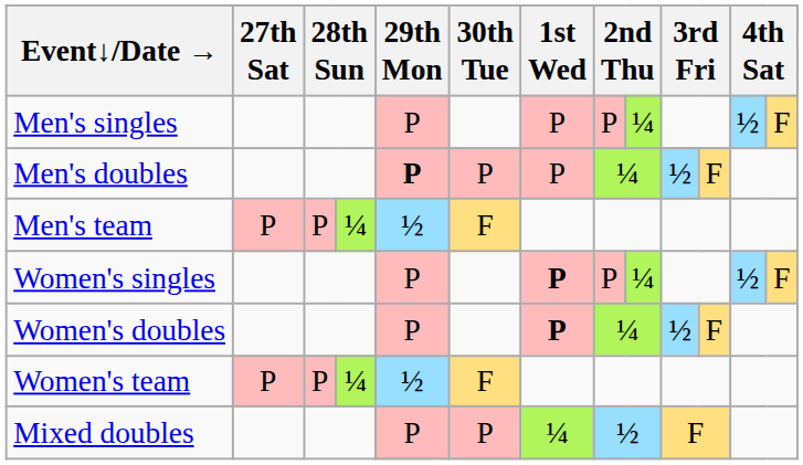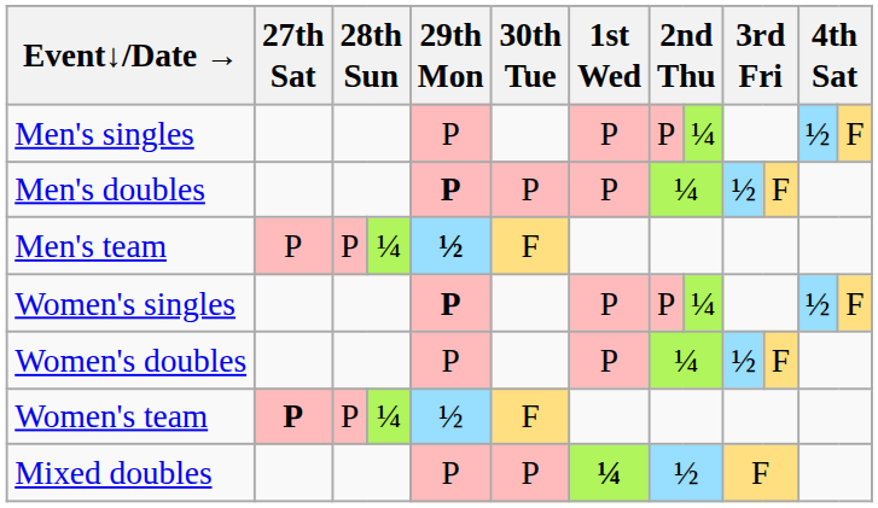 <table class="wikitable" style="margin:0.5em auto; font-size:90%; line-height:1.25em; text-align:center;">
 <tr>
 <th>Event↓/Date →</th>
 <th>27th<br>Sat</th>
 <th colspan=2>28th<br>Sun</th>
 <th>29th<br>Mon</th>
 <th>30th<br>Tue</th>
 <th>1st<br>Wed</th>
 <th colspan=2>2nd<br>Thu</th>
 <th colspan=2>3rd<br>Fri</th>
 <th colspan=2>4th<br>Sat</th>
 </tr>
 <tr>
 <td align="left"><a href='#'>Men's singles</a></td>
 <td></td>
 <td colspan=2></td>
 <td bgcolor="#FFBBBB">P</td>
 <td></td>
 <td bgcolor="#FFBBBB">P</td>
 <td bgcolor="#FFBBBB">P</td>
 <td bgcolor="#AFF55B">¼</td>
 <td colspan=2></td>
 <td bgcolor="#97DEFF">½</td>
 <td bgcolor="#FFDF80">F</td>
 </tr>
 <tr>
 <td align="left"><a href='#'>Men's doubles</a></td>
 <td></td>
 <td colspan=2></td>
 <td bgcolor="#FFBBBB"><strong>P</strong></td>
 <td bgcolor="#FFBBBB">P</td>
 <td bgcolor="#FFBBBB">P</td>
 <td colspan=2 bgcolor="#AFF55B">¼</td>
 <td bgcolor="#97DEFF">½</td>
 <td bgcolor="#FFDF80">F</td>
 <td colspan=2></td>
 </tr>
 <tr>
 <td align="left"><a href='#'>Men's team</a></td>
 <td bgcolor="#FFBBBB">P</td>
 <td bgcolor="#FFBBBB">P</td>
 <td bgcolor="#AFF55B">¼</td>
-<td bgcolor="#97DEFF">½</td>
+<td bgcolor="#97DEFF"><strong>½</strong></td>
 <td bgcolor="#FFDF80">F</td>
 <td></td>
 <td colspan=2></td>
 <td colspan=2></td>
 <td colspan=2></td>
 </tr>
 <tr>
 <td align="left"><a href='#'>Women's singles</a></td>
 <td></td>
 <td colspan=2></td>
+<td bgcolor="#FFBBBB"><strong>P</strong></td>
+<td></td>
 <td bgcolor="#FFBBBB">P</td>
-<td></td>
-<td bgcolor="#FFBBBB"><strong>P</strong></td>
 <td bgcolor="#FFBBBB">P</td>
 <td bgcolor="#AFF55B">¼</td>
 <td colspan=2></td>
 <td bgcolor="#97DEFF">½</td>
 <td bgcolor="#FFDF80">F</td>
 </tr>
 <tr>
 <td align="left"><a href='#'>Women's doubles</a></td>
 <td></td>
 <td colspan=2></td>
 <td bgcolor="#FFBBBB">P</td>
 <td></td>
-<td bgcolor="#FFBBBB"><strong>P</strong></td>
+<td bgcolor="#FFBBBB">P</td>
 <td colspan=2 bgcolor="#AFF55B">¼</td>
 <td bgcolor="#97DEFF">½</td>
 <td bgcolor="#FFDF80">F</td>
 <td colspan=2></td>
 </tr>
 <tr>
 <td align="left"><a href='#'>Women's team</a></td>
-<td bgcolor="#FFBBBB">P</td>
+<td bgcolor="#FFBBBB"><strong>P</strong></td>
 <td bgcolor="#FFBBBB">P</td>
 <td bgcolor="#AFF55B">¼</td>
 <td bgcolor="#97DEFF">½</td>
 <td bgcolor="#FFDF80">F</td>
 <td></td>
 <td colspan=2></td>
 <td colspan=2></td>
 <td colspan=2></td>
 </tr>
 <tr>
 <td align="left"><a href='#'>Mixed doubles</a></td>
 <td></td>
 <td colspan=2></td>
 <td bgcolor="#FFBBBB">P</td>
 <td bgcolor="#FFBBBB">P</td>
-<td bgcolor="#AFF55B">¼</td>
+<td bgcolor="#AFF55B"><strong>¼</strong></td>
 <td colspan=2 bgcolor="#97DEFF">½</td>
 <td colspan=2 bgcolor="#FFDF80">F</td>
 <td colspan=2></td>
 </tr>
 </table>
